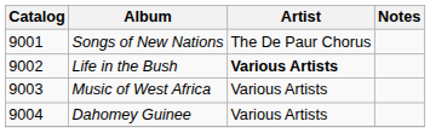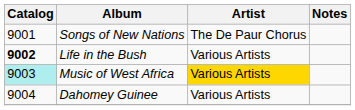 <table class="wikitable sortable">
 <tr>
 <th>Catalog</th>
 <th>Album</th>
 <th>Artist</th>
 <th>Notes</th>
 </tr>
 <tr>
 <td>9001</td>
 <td><em>Songs of New Nations</em></td>
 <td>The De Paur Chorus</td>
 <td></td>
 </tr>
 <tr>
-<td>9002</td>
+<td><strong>9002</strong></td>
 <td><em>Life in the Bush</em></td>
-<td><strong>Various Artists</strong></td>
+<td>Various Artists</td>
 <td></td>
 </tr>
 <tr>
-<td>9003</td>
+<td style="background: paleturquoise;">9003</td>
 <td><em>Music of West Africa</em></td>
-<td>Various Artists</td>
+<td style="background: gold;">Various Artists</td>
 <td></td>
 </tr>
 <tr>
 <td>9004</td>
 <td><em>Dahomey Guinee</em></td>
 <td>Various Artists</td>
 <td></td>
 </tr>
 <tr>
 </tr>
 </table>
